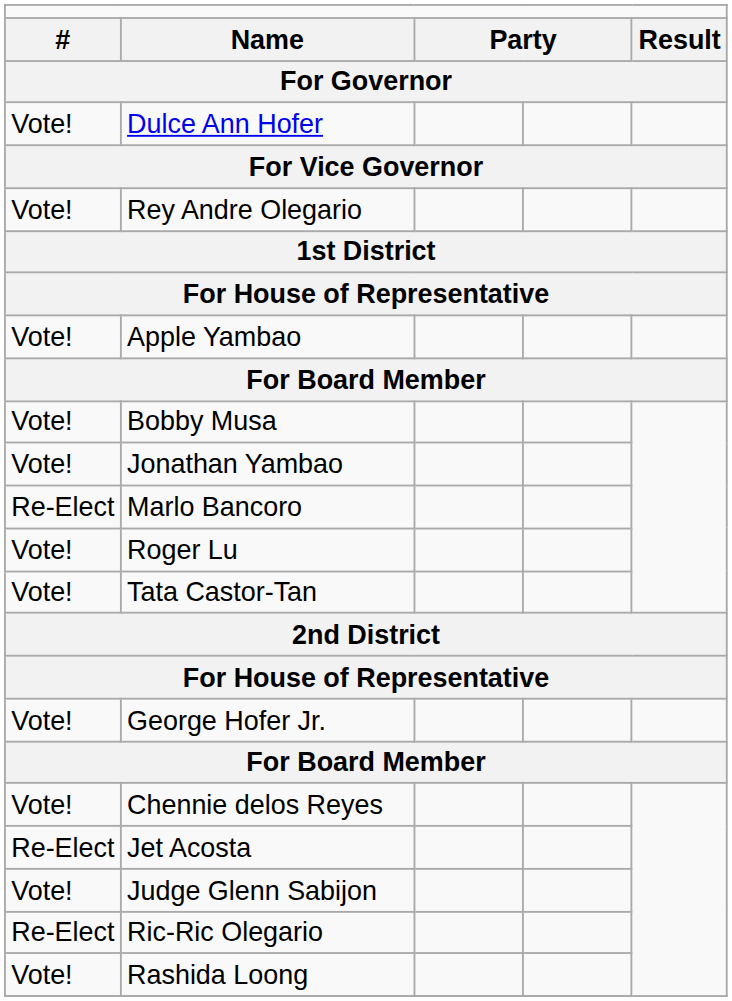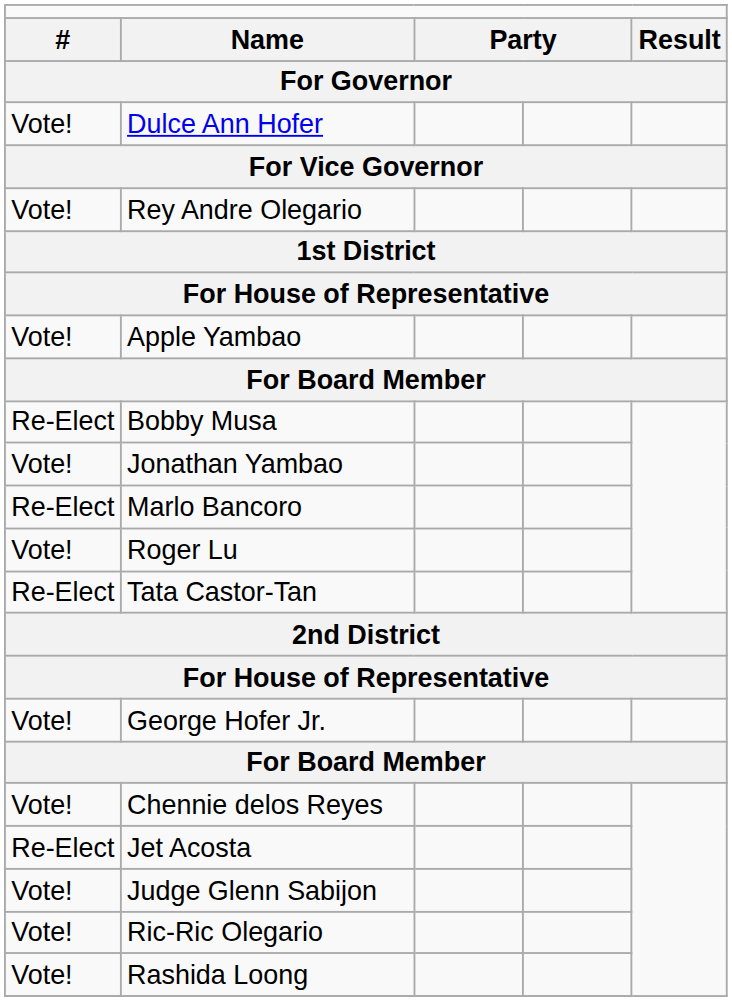 <table class="wikitable" style="font-size:90%">
 <tr>
 <td colspan="5"></td>
 </tr>
 <tr>
 <th>#</th>
 <th width="150px">Name</th>
 <th colspan="2" width="110px">Party</th>
 <th>Result</th>
 </tr>
 <tr>
 <th colspan="5">For Governor</th>
 </tr>
 <tr>
 <td>Vote!</td>
 <td><a href='#'>Dulce Ann Hofer</a></td>
 <td></td>
 <td></td>
 </tr>
 <tr>
 <th colspan="5">For Vice Governor</th>
 </tr>
 <tr>
 <td>Vote!</td>
 <td>Rey Andre Olegario</td>
 <td></td>
 <td></td>
 </tr>
 <tr>
 <th colspan="5">1st District</th>
 </tr>
 <tr>
 <th colspan="5">For House of Representative</th>
 </tr>
 <tr>
 <td>Vote!</td>
 <td>Apple Yambao</td>
 <td></td>
 <td></td>
 </tr>
 <tr>
 <th colspan="5">For Board Member</th>
 </tr>
 <tr>
-<td>Vote!</td>
+<td>Re-Elect</td>
 <td>Bobby Musa</td>
 <td></td>
 <td></td>
 </tr>
 <tr>
 <td>Vote!</td>
 <td>Jonathan Yambao</td>
 <td></td>
 <td></td>
 </tr>
 <tr>
 <td>Re-Elect</td>
 <td>Marlo Bancoro</td>
 <td></td>
 <td></td>
 </tr>
 <tr>
 <td>Vote!</td>
 <td>Roger Lu</td>
 <td></td>
 <td></td>
 </tr>
 <tr>
-<td>Vote!</td>
+<td>Re-Elect</td>
 <td>Tata Castor-Tan</td>
 <td></td>
 <td></td>
 </tr>
 <tr>
 <th colspan="5">2nd District</th>
 </tr>
 <tr>
 <th colspan="5">For House of Representative</th>
 </tr>
 <tr>
 <td>Vote!</td>
 <td>George Hofer Jr.</td>
 <td></td>
 <td></td>
 </tr>
 <tr>
 <th colspan="5">For Board Member</th>
 </tr>
 <tr>
 <td>Vote!</td>
 <td>Chennie delos Reyes</td>
 <td></td>
 <td></td>
 </tr>
 <tr>
 <td>Re-Elect</td>
 <td>Jet Acosta</td>
 <td></td>
 <td></td>
 </tr>
 <tr>
 <td>Vote!</td>
 <td>Judge Glenn Sabijon</td>
 <td></td>
 <td></td>
 </tr>
 <tr>
-<td>Re-Elect</td>
+<td>Vote!</td>
 <td>Ric-Ric Olegario</td>
 <td></td>
 <td></td>
 </tr>
 <tr>
 <td>Vote!</td>
 <td>Rashida Loong</td>
 <td></td>
 <td></td>
 </tr>
 <tr>
 </tr>
 </table>
